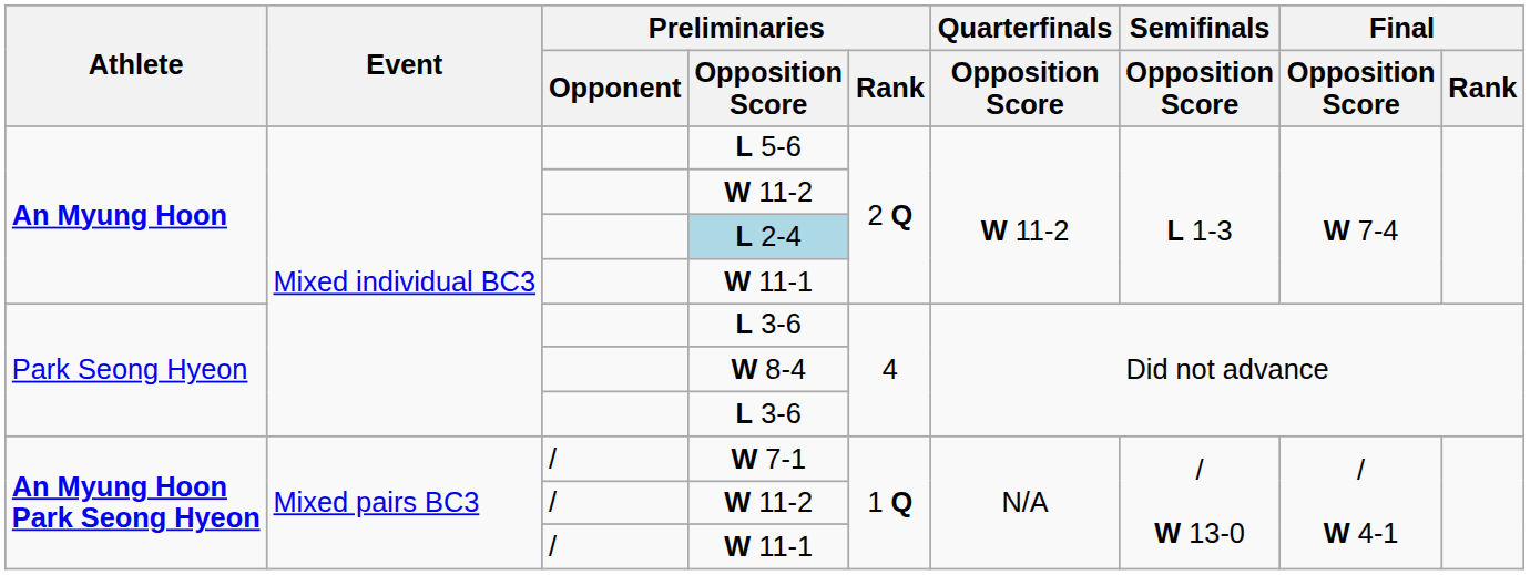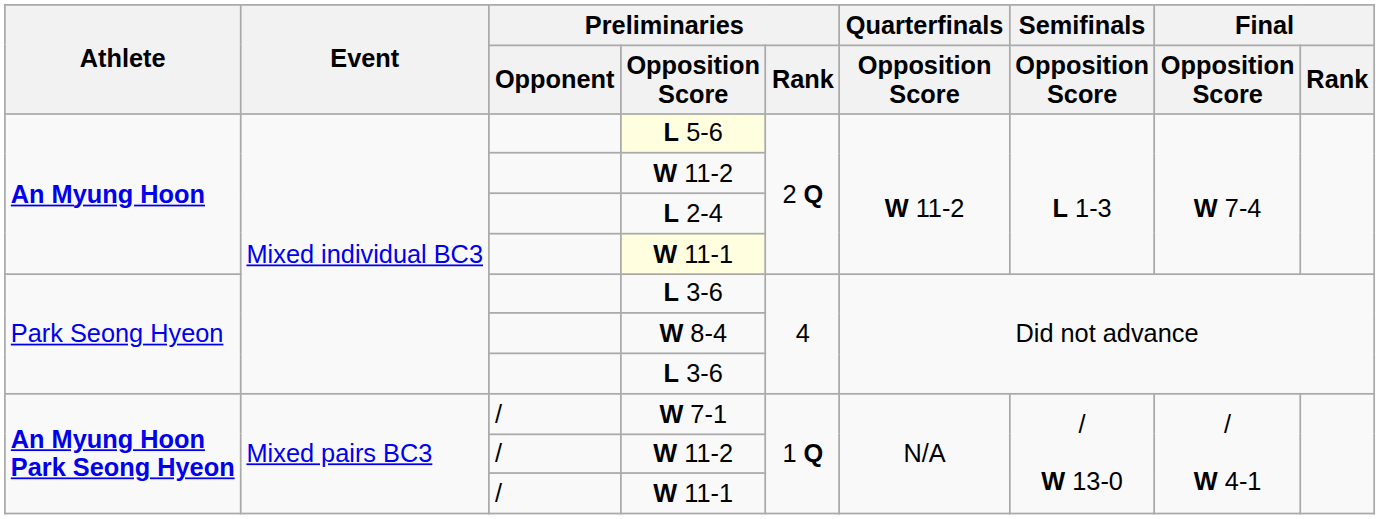 <table class=wikitable style="font-size:90%">
 <tr>
 <th rowspan="2">Athlete</th>
 <th rowspan="2">Event</th>
 <th colspan="3">Preliminaries</th>
 <th>Quarterfinals</th>
 <th>Semifinals</th>
 <th colspan="2">Final</th>
 </tr>
 <tr>
 <th>Opponent</th>
 <th>Opposition<br>Score</th>
 <th>Rank</th>
 <th>Opposition<br>Score</th>
 <th>Opposition<br>Score</th>
 <th>Opposition<br>Score</th>
 <th>Rank</th>
 </tr>
 <tr>
 <td rowspan="4"><strong><a href='#'>An Myung Hoon</a></strong></td>
 <td rowspan="7"><a href='#'>Mixed individual BC3</a></td>
 <td align="left"></td>
-<td align="center"><strong>L</strong> 5-6</td>
+<td align="center" style="background: lightyellow;"><strong>L</strong> 5-6</td>
 <td align="center" rowspan="4">2 <strong>Q</strong></td>
 <td align="center" rowspan="4"><br><strong>W</strong> 11-2</td>
 <td align="center" rowspan="4"><br><strong>L</strong> 1-3</td>
 <td align="center" rowspan="4"><br><strong>W</strong> 7-4</td>
 <td align="center" rowspan="4"></td>
 </tr>
 <tr>
 <td align="left"></td>
 <td align="center"><strong>W</strong> 11-2</td>
 </tr>
 <tr>
 <td align="left"></td>
-<td align="center" style="background: lightblue;"><strong>L</strong> 2-4</td>
+<td align="center"><strong>L</strong> 2-4</td>
 </tr>
 <tr>
 <td align="left"></td>
-<td align="center"><strong>W</strong> 11-1</td>
+<td align="center" style="background: lightyellow;"><strong>W</strong> 11-1</td>
 </tr>
 <tr>
 <td rowspan="3"><a href='#'>Park Seong Hyeon</a></td>
 <td align="left"></td>
 <td align="center"><strong>L</strong> 3-6</td>
 <td align="center" rowspan="3">4</td>
 <td align="center" rowspan="3" colspan="5">Did not advance</td>
 </tr>
 <tr>
 <td align="left"></td>
 <td align="center"><strong>W</strong> 8-4</td>
 </tr>
 <tr>
 <td align="left"></td>
 <td align="center"><strong>L</strong> 3-6</td>
 </tr>
 <tr>
 <td rowspan="3"><strong><a href='#'>An Myung Hoon</a></strong><br> <strong><a href='#'>Park Seong Hyeon</a></strong></td>
 <td rowspan="3"><a href='#'>Mixed pairs BC3</a></td>
 <td align="left"> / <br> </td>
 <td align="center"><strong>W</strong> 7-1</td>
 <td align="center" rowspan="3">1 <strong>Q</strong></td>
 <td align="center" rowspan="3">N/A</td>
 <td align="center" rowspan="3"> / <br> <br> <strong>W</strong> 13-0</td>
 <td align="center" rowspan="3"> / <br> <br> <strong>W</strong> 4-1</td>
 <td align="center" rowspan="3"></td>
 </tr>
 <tr>
 <td align="left"> / <br> </td>
 <td align="center"><strong>W</strong> 11-2</td>
 </tr>
 <tr>
 <td align="left"> / <br> </td>
 <td align="center"><strong>W</strong> 11-1</td>
 </tr>
 </table>
